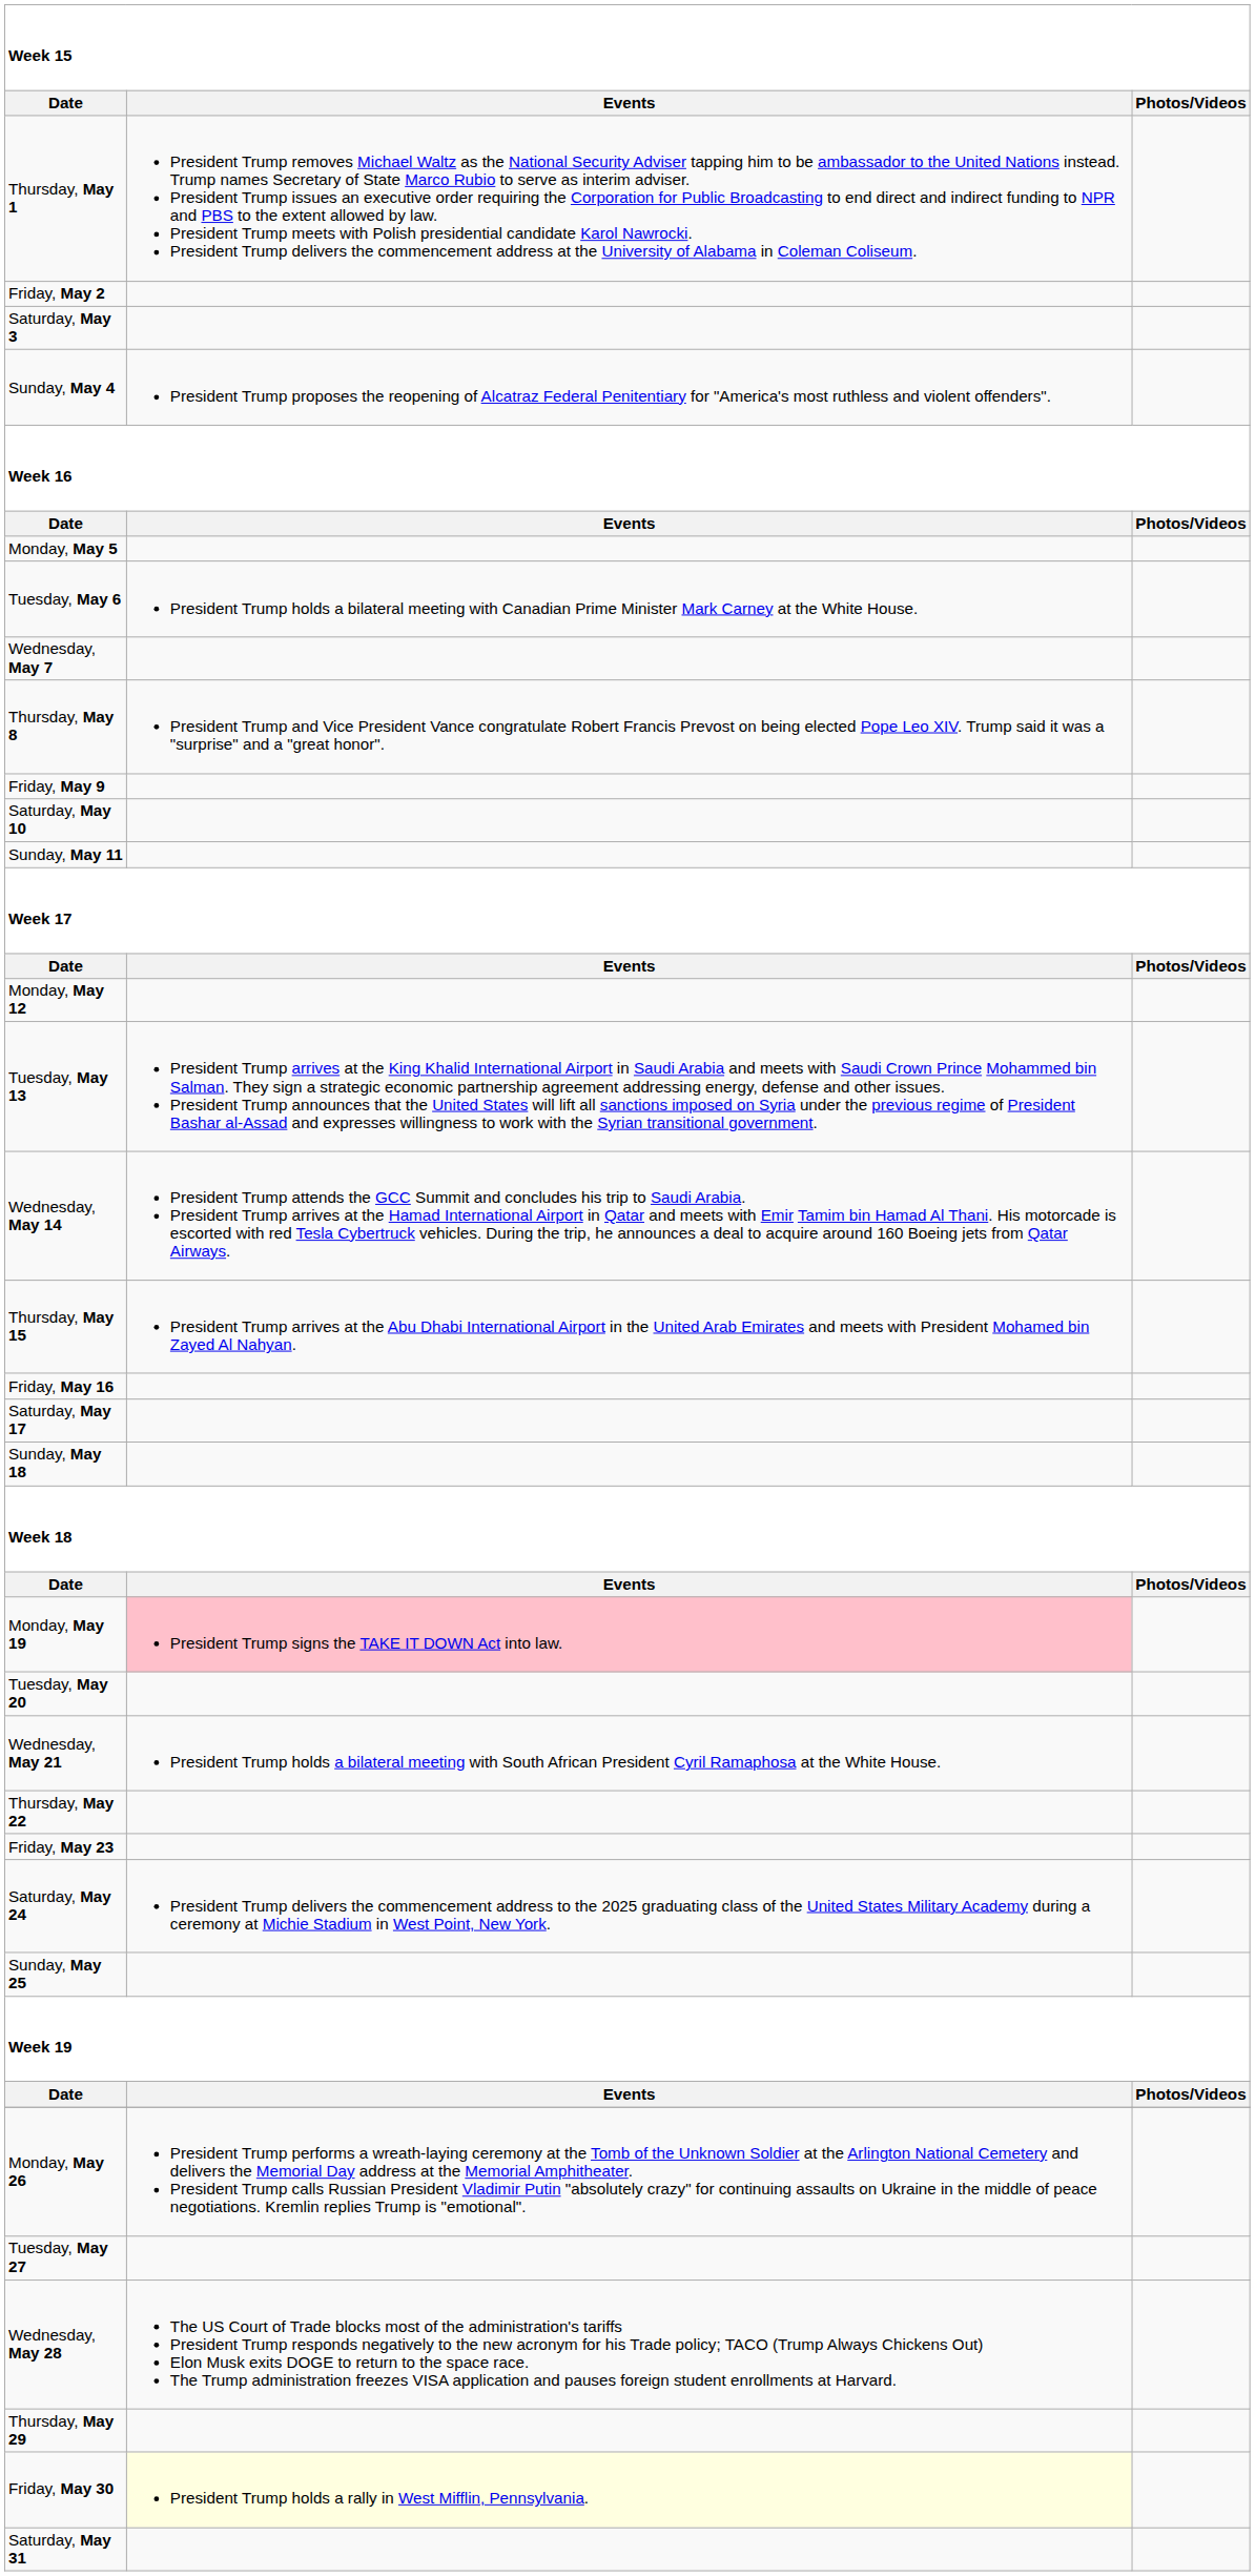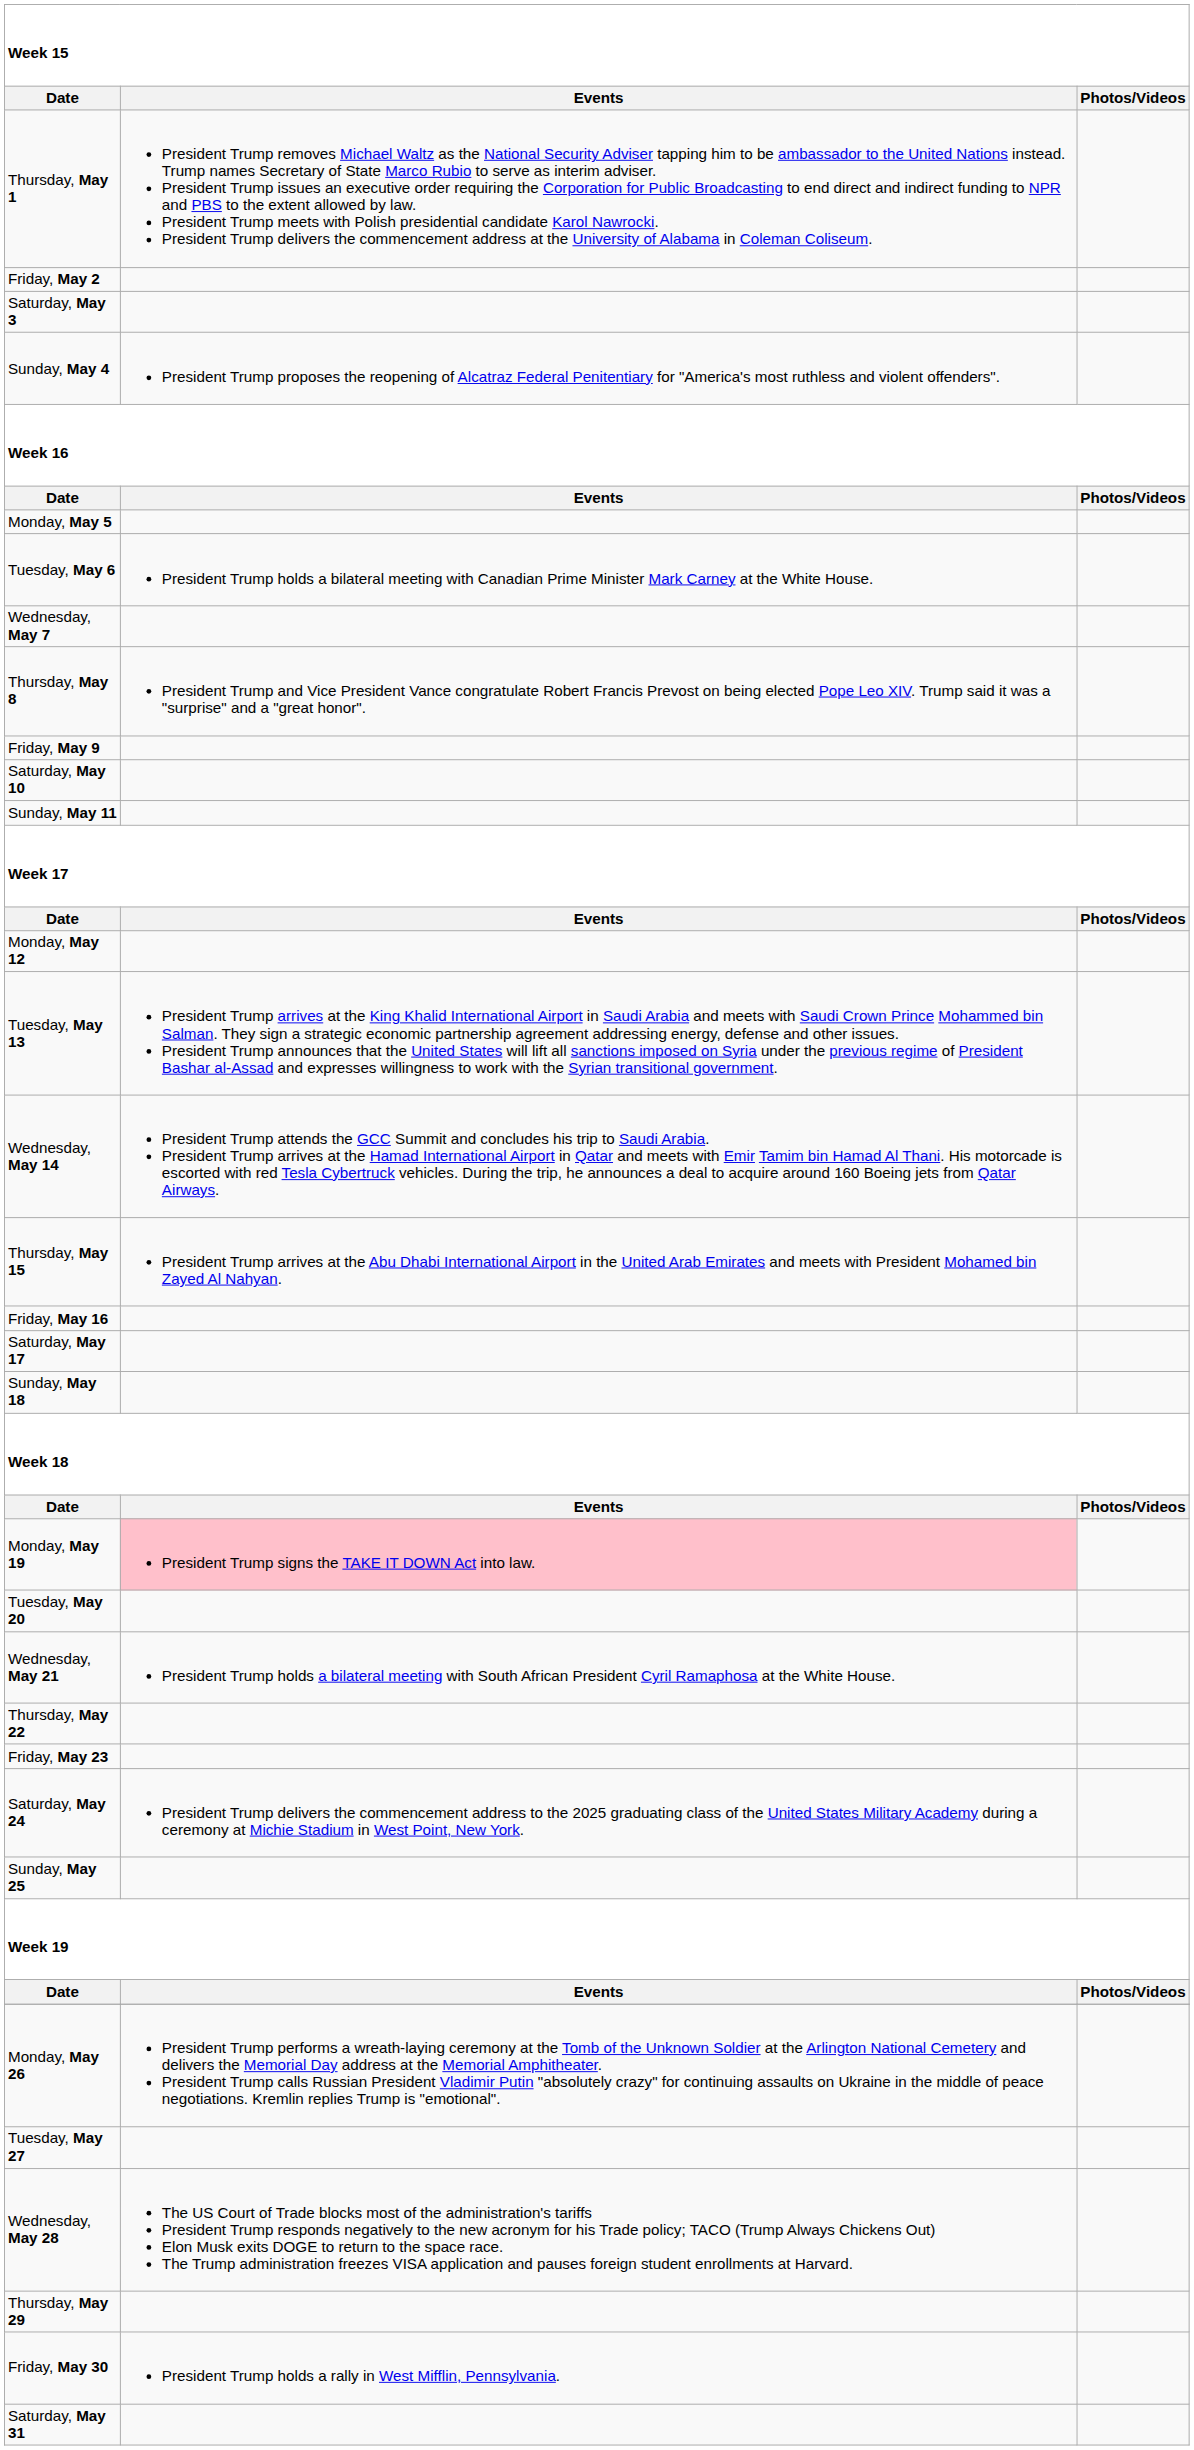 <table class="wikitable">
 <tr style="background:white;">
 <td colspan="3"><br><h4>Week 15</h4></td>
 </tr>
 <tr>
 <th>Date</th>
 <th>Events</th>
 <th>Photos/Videos</th>
 </tr>
 <tr>
 <td>Thursday, <strong>May 1</strong></td>
 <td><br><ul><li>President Trump removes <a href='#'>Michael Waltz</a> as the <a href='#'>National Security Adviser</a> tapping him to be <a href='#'>ambassador to the United Nations</a> instead. Trump names Secretary of State <a href='#'>Marco Rubio</a> to serve as interim adviser.</li><li>President Trump issues an executive order requiring the <a href='#'>Corporation for Public Broadcasting</a> to end direct and indirect funding to <a href='#'>NPR</a> and <a href='#'>PBS</a> to the extent allowed by law.</li><li>President Trump meets with Polish presidential candidate <a href='#'>Karol Nawrocki</a>.</li><li>President Trump delivers the commencement address at the <a href='#'>University of Alabama</a> in <a href='#'>Coleman Coliseum</a>.</li></ul></td>
 <td><br></td>
 </tr>
 <tr>
 <td>Friday, <strong>May 2</strong></td>
 <td></td>
 <td></td>
 </tr>
 <tr>
 <td>Saturday, <strong>May 3</strong></td>
 <td></td>
 <td></td>
 </tr>
 <tr>
 <td>Sunday, <strong>May 4</strong></td>
 <td><br><ul><li>President Trump proposes the reopening of <a href='#'>Alcatraz Federal Penitentiary</a> for "America's most ruthless and violent offenders".</li></ul></td>
 <td></td>
 </tr>
 <tr style="background:white;">
 <td colspan="3"><br><h4>Week 16</h4></td>
 </tr>
 <tr>
 <th>Date</th>
 <th>Events</th>
 <th>Photos/Videos</th>
 </tr>
 <tr>
 <td>Monday, <strong>May 5</strong></td>
 <td></td>
 <td></td>
 </tr>
 <tr>
 <td>Tuesday, <strong>May 6</strong></td>
 <td><br><ul><li>President Trump holds a bilateral meeting with Canadian Prime Minister <a href='#'>Mark Carney</a> at the White House.</li></ul></td>
 <td></td>
 </tr>
 <tr>
 <td>Wednesday, <strong>May 7</strong></td>
 <td></td>
 <td></td>
 </tr>
 <tr>
 <td>Thursday, <strong>May 8</strong></td>
 <td><br><ul><li>President Trump and Vice President Vance congratulate Robert Francis Prevost on being elected <a href='#'>Pope Leo XIV</a>. Trump said it was a "surprise" and a "great honor".</li></ul></td>
 <td></td>
 </tr>
 <tr>
 <td>Friday, <strong>May 9</strong></td>
 <td></td>
 <td></td>
 </tr>
 <tr>
 <td>Saturday, <strong>May 10</strong></td>
 <td></td>
 <td></td>
 </tr>
 <tr>
 <td>Sunday, <strong>May 11</strong></td>
 <td></td>
 <td></td>
 </tr>
 <tr style="background:white;">
 <td colspan="3"><br><h4>Week 17</h4></td>
 </tr>
 <tr>
 <th>Date</th>
 <th>Events</th>
 <th>Photos/Videos</th>
 </tr>
 <tr>
 <td>Monday, <strong>May 12</strong></td>
 <td></td>
 <td></td>
 </tr>
 <tr>
 <td>Tuesday, <strong>May 13</strong></td>
 <td><br><ul><li>President Trump <a href='#'>arrives</a> at the <a href='#'>King Khalid International Airport</a> in <a href='#'>Saudi Arabia</a> and meets with <a href='#'>Saudi Crown Prince</a> <a href='#'>Mohammed bin Salman</a>. They sign a strategic economic partnership agreement addressing energy, defense and other issues.</li><li>President Trump announces that the <a href='#'>United States</a> will lift all <a href='#'>sanctions imposed on Syria</a> under the <a href='#'>previous regime</a> of <a href='#'>President</a> <a href='#'>Bashar al-Assad</a> and expresses willingness to work with the <a href='#'>Syrian transitional government</a>.</li></ul></td>
 <td></td>
 </tr>
 <tr>
 <td>Wednesday, <strong>May 14</strong></td>
 <td><br><ul><li>President Trump attends the <a href='#'>GCC</a> Summit and concludes his trip to <a href='#'>Saudi Arabia</a>.</li><li>President Trump arrives at the <a href='#'>Hamad International Airport</a> in <a href='#'>Qatar</a> and meets with <a href='#'>Emir</a> <a href='#'>Tamim bin Hamad Al Thani</a>. His motorcade is escorted with red <a href='#'>Tesla Cybertruck</a> vehicles. During the trip, he announces a deal to acquire around 160 Boeing jets from <a href='#'>Qatar Airways</a>.</li></ul></td>
 <td></td>
 </tr>
 <tr>
 <td>Thursday, <strong>May 15</strong></td>
 <td><br><ul><li>President Trump arrives at the <a href='#'>Abu Dhabi International Airport</a> in the <a href='#'>United Arab Emirates</a> and meets with President <a href='#'>Mohamed bin Zayed Al Nahyan</a>.</li></ul></td>
 <td></td>
 </tr>
 <tr>
 <td>Friday, <strong>May 16</strong></td>
 <td></td>
 <td></td>
 </tr>
 <tr>
 <td>Saturday, <strong>May 17</strong></td>
 <td></td>
 <td></td>
 </tr>
 <tr>
 <td>Sunday, <strong>May 18</strong></td>
 <td></td>
 <td></td>
 </tr>
 <tr style="background:white;">
 <td colspan="3"><br><h4>Week 18</h4></td>
 </tr>
 <tr>
 <th>Date</th>
 <th>Events</th>
 <th>Photos/Videos</th>
 </tr>
 <tr>
 <td>Monday, <strong>May 19</strong></td>
 <td style="background: pink;"><br><ul><li>President Trump signs the <a href='#'>TAKE IT DOWN Act</a> into law.</li></ul></td>
 <td></td>
 </tr>
 <tr>
 <td>Tuesday, <strong>May 20</strong></td>
 <td></td>
 <td></td>
 </tr>
 <tr>
 <td>Wednesday, <strong>May 21</strong></td>
 <td><br><ul><li>President Trump holds <a href='#'>a bilateral meeting</a> with South African President <a href='#'>Cyril Ramaphosa</a> at the White House.</li></ul></td>
 <td></td>
 </tr>
 <tr>
 <td>Thursday, <strong>May 22</strong></td>
 <td></td>
 <td></td>
 </tr>
 <tr>
 <td>Friday, <strong>May 23</strong></td>
 <td></td>
 <td></td>
 </tr>
 <tr>
 <td>Saturday, <strong>May 24</strong></td>
 <td><br><ul><li>President Trump delivers the commencement address to the 2025 graduating class of the <a href='#'>United States Military Academy</a> during a ceremony at <a href='#'>Michie Stadium</a> in <a href='#'>West Point, New York</a>.</li></ul></td>
 <td></td>
 </tr>
 <tr>
 <td>Sunday, <strong>May 25</strong></td>
 <td></td>
 <td></td>
 </tr>
 <tr style="background:white;">
 <td colspan="3"><br><h4>Week 19</h4></td>
 </tr>
 <tr>
 <th>Date</th>
 <th>Events</th>
 <th>Photos/Videos</th>
 </tr>
 <tr style="background:white;">
 </tr>
 <tr>
 <td>Monday, <strong>May 26</strong></td>
 <td><br><ul><li>President Trump performs a wreath-laying ceremony at the <a href='#'>Tomb of the Unknown Soldier</a> at the <a href='#'>Arlington National Cemetery</a> and delivers the <a href='#'>Memorial Day</a> address at the <a href='#'>Memorial Amphitheater</a>.</li><li>President Trump calls Russian President <a href='#'>Vladimir Putin</a> "absolutely crazy" for continuing assaults on Ukraine in the middle of peace negotiations. Kremlin replies Trump is "emotional".</li></ul></td>
 <td></td>
 </tr>
 <tr>
 <td>Tuesday, <strong>May 27</strong></td>
 <td></td>
 <td></td>
 </tr>
 <tr>
 <td>Wednesday, <strong>May 28</strong></td>
 <td><br><ul><li>The US Court of Trade blocks most of the administration's tariffs</li><li>President Trump responds negatively to the new acronym for his Trade policy; TACO (Trump Always Chickens Out)</li><li>Elon Musk exits DOGE to return to the space race.</li><li>The Trump administration freezes VISA application and pauses foreign student enrollments at Harvard.</li></ul></td>
 <td></td>
 </tr>
 <tr>
 <td>Thursday, <strong>May 29</strong></td>
 <td></td>
 <td></td>
 </tr>
 <tr>
 <td>Friday, <strong>May 30</strong></td>
-<td style="background: lightyellow;"><br><ul><li>President Trump holds a rally in <a href='#'>West Mifflin, Pennsylvania</a>.</li></ul></td>
+<td><br><ul><li>President Trump holds a rally in <a href='#'>West Mifflin, Pennsylvania</a>.</li></ul></td>
 <td></td>
 </tr>
 <tr>
 <td>Saturday, <strong>May 31</strong></td>
 <td></td>
 <td></td>
 </tr>
 </table>
